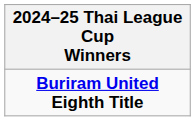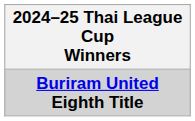 <table class="wikitable" style="text-align: center; margin: 0 auto; width: 20%">
 <tr>
 <th>2024–25 Thai League Cup<br>Winners</th>
 </tr>
 <tr>
-<td align="center"><strong><a href='#'>Buriram United</a></strong><br><strong>Eighth Title</strong></td>
+<td align="center" style="background: lightgrey;"><strong><a href='#'>Buriram United</a></strong><br><strong>Eighth Title</strong></td>
 </tr>
 </table>
